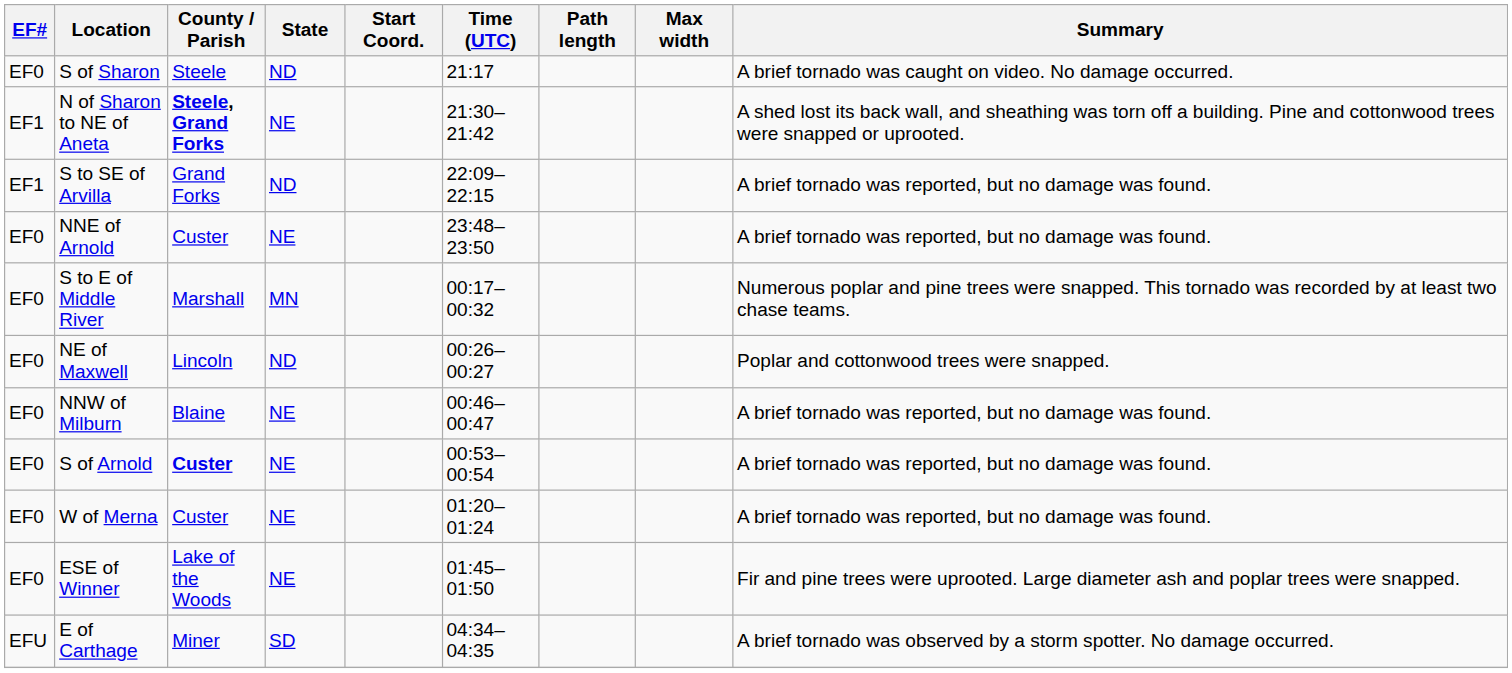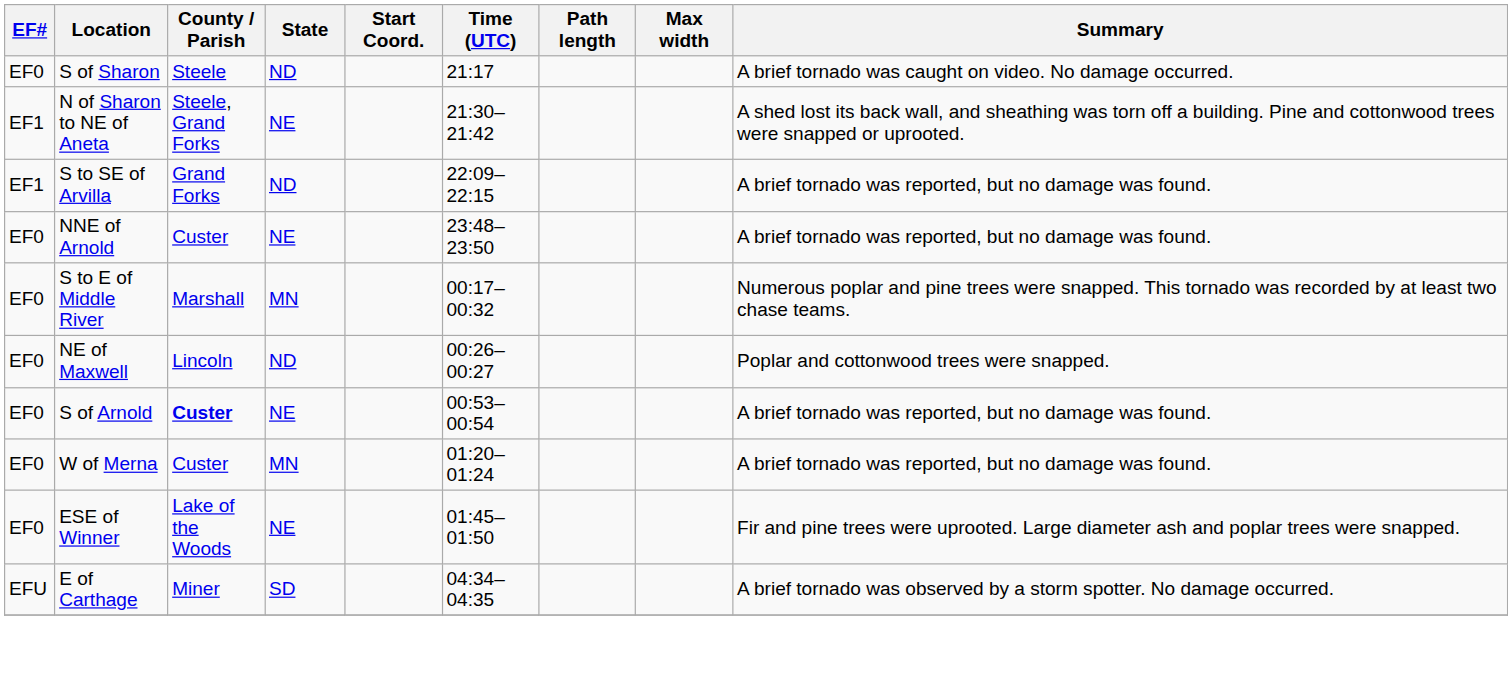 <table class="wikitable sortable" style="width:100%;">
 <tr>
 <th scope="col"  style="width:3%; text-align:center;"><a href='#'>EF#</a></th>
 <th scope="col"  style="width:7%; text-align:center;" class="unsortable">Location</th>
 <th scope="col"  style="width:6%; text-align:center;" class="unsortable">County / Parish</th>
 <th scope="col"  style="width:5%; text-align:center;">State</th>
 <th scope="col"  style="width:6%; text-align:center;">Start Coord.</th>
 <th scope="col"  style="width:6%; text-align:center;">Time (<a href='#'>UTC</a>)</th>
 <th scope="col"  style="width:6%; text-align:center;">Path length</th>
 <th scope="col"  style="width:6%; text-align:center;">Max width</th>
 <th scope="col" class="unsortable" style="width:48%; text-align:center;">Summary</th>
 </tr>
 <tr>
 <td>EF0</td>
 <td>S of <a href='#'>Sharon</a></td>
 <td><a href='#'>Steele</a></td>
 <td><a href='#'>ND</a></td>
 <td></td>
 <td>21:17</td>
 <td></td>
 <td></td>
 <td>A brief tornado was caught on video. No damage occurred.</td>
 </tr>
 <tr>
 <td>EF1</td>
 <td>N of <a href='#'>Sharon</a> to NE of <a href='#'>Aneta</a></td>
-<td><strong><a href='#'>Steele</a>, <a href='#'>Grand Forks</a></strong></td>
+<td><a href='#'>Steele</a>, <a href='#'>Grand Forks</a></td>
 <td><a href='#'>NE</a></td>
 <td></td>
 <td>21:30–21:42</td>
 <td></td>
 <td></td>
 <td>A shed lost its back wall, and sheathing was torn off a building. Pine and cottonwood trees were snapped or uprooted.</td>
 </tr>
 <tr>
 <td>EF1</td>
 <td>S to SE of <a href='#'>Arvilla</a></td>
 <td><a href='#'>Grand Forks</a></td>
 <td><a href='#'>ND</a></td>
 <td></td>
 <td>22:09–22:15</td>
 <td></td>
 <td></td>
 <td>A brief tornado was reported, but no damage was found.</td>
 </tr>
 <tr>
 <td>EF0</td>
 <td>NNE of <a href='#'>Arnold</a></td>
 <td><a href='#'>Custer</a></td>
 <td><a href='#'>NE</a></td>
 <td></td>
 <td>23:48–23:50</td>
 <td></td>
 <td></td>
 <td>A brief tornado was reported, but no damage was found.</td>
 </tr>
 <tr>
 <td>EF0</td>
 <td>S to E of <a href='#'>Middle River</a></td>
 <td><a href='#'>Marshall</a></td>
 <td><a href='#'>MN</a></td>
 <td></td>
 <td>00:17–00:32</td>
 <td></td>
 <td></td>
 <td>Numerous poplar and pine trees were snapped. This tornado was recorded by at least two chase teams.</td>
 </tr>
 <tr>
 <td>EF0</td>
 <td>NE of <a href='#'>Maxwell</a></td>
 <td><a href='#'>Lincoln</a></td>
 <td><a href='#'>ND</a></td>
 <td></td>
 <td>00:26–00:27</td>
 <td></td>
 <td></td>
 <td>Poplar and cottonwood trees were snapped.</td>
 </tr>
 <tr>
 <td>EF0</td>
-<td>NNW of <a href='#'>Milburn</a></td>
-<td><a href='#'>Blaine</a></td>
-<td><a href='#'>NE</a></td>
-<td></td>
-<td>00:46–00:47</td>
-<td></td>
-<td></td>
-<td>A brief tornado was reported, but no damage was found.</td>
-</tr>
-<tr>
-<td>EF0</td>
 <td>S of <a href='#'>Arnold</a></td>
 <td><strong><a href='#'>Custer</a></strong></td>
 <td><a href='#'>NE</a></td>
 <td></td>
 <td>00:53–00:54</td>
 <td></td>
 <td></td>
 <td>A brief tornado was reported, but no damage was found.</td>
 </tr>
 <tr>
 <td>EF0</td>
 <td>W of <a href='#'>Merna</a></td>
 <td><a href='#'>Custer</a></td>
-<td><a href='#'>NE</a></td>
+<td><a href='#'>MN</a></td>
 <td></td>
 <td>01:20–01:24</td>
 <td></td>
 <td></td>
 <td>A brief tornado was reported, but no damage was found.</td>
 </tr>
 <tr>
 <td>EF0</td>
 <td>ESE of <a href='#'>Winner</a></td>
 <td><a href='#'>Lake of the Woods</a></td>
 <td><a href='#'>NE</a></td>
 <td></td>
 <td>01:45–01:50</td>
 <td></td>
 <td></td>
 <td>Fir and pine trees were uprooted. Large diameter ash and poplar trees were snapped.</td>
 </tr>
 <tr>
 <td>EFU</td>
 <td>E of <a href='#'>Carthage</a></td>
 <td><a href='#'>Miner</a></td>
 <td><a href='#'>SD</a></td>
 <td></td>
 <td>04:34–04:35</td>
 <td></td>
 <td></td>
 <td>A brief tornado was observed by a storm spotter. No damage occurred.</td>
 </tr>
 <tr>
 </tr>
 </table>
